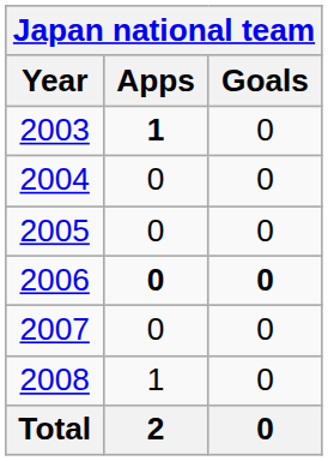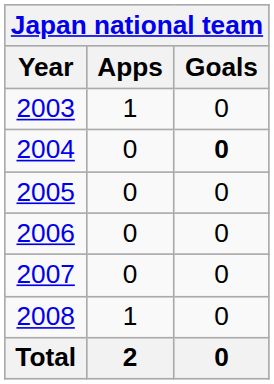 <table class="wikitable" style="text-align:center">
 <tr>
 <th colspan=3><a href='#'>Japan national team</a></th>
 </tr>
 <tr>
 <th>Year</th>
 <th>Apps</th>
 <th>Goals</th>
 </tr>
 <tr>
 <td><a href='#'>2003</a></td>
-<td><strong>1</strong></td>
+<td>1</td>
 <td>0</td>
 </tr>
 <tr>
 <td><a href='#'>2004</a></td>
 <td>0</td>
-<td>0</td>
+<td><strong>0</strong></td>
 </tr>
 <tr>
 <td><a href='#'>2005</a></td>
 <td>0</td>
 <td>0</td>
 </tr>
 <tr>
 <td><a href='#'>2006</a></td>
-<td><strong>0</strong></td>
-<td><strong>0</strong></td>
+<td>0</td>
+<td>0</td>
 </tr>
 <tr>
 <td><a href='#'>2007</a></td>
 <td>0</td>
 <td>0</td>
 </tr>
 <tr>
 <td><a href='#'>2008</a></td>
 <td>1</td>
 <td>0</td>
 </tr>
 <tr>
 <th>Total</th>
 <th>2</th>
 <th>0</th>
 </tr>
 </table>
